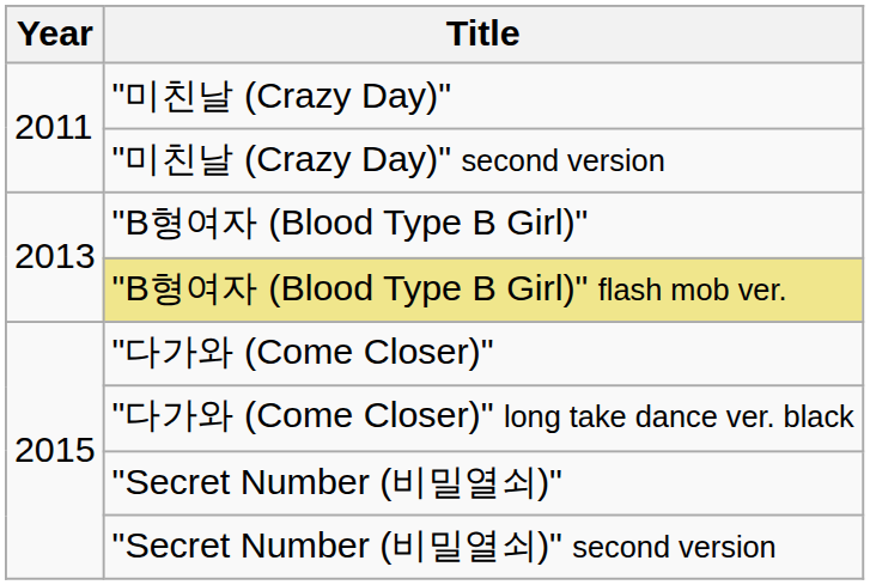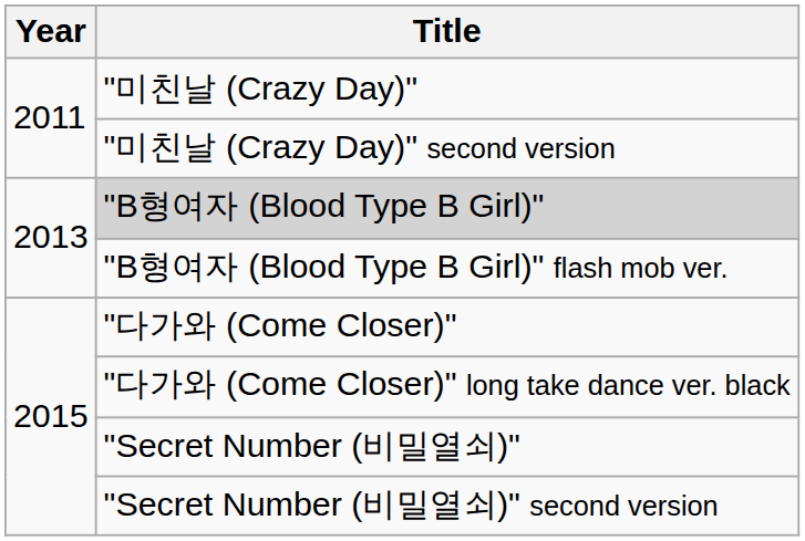 <table class="wikitable">
 <tr>
 <th>Year</th>
 <th>Title</th>
 </tr>
 <tr>
 <td rowspan="2">2011</td>
 <td>"미친날 (Crazy Day)"</td>
 </tr>
 <tr>
 <td>"미친날 (Crazy Day)" <small>second version</small></td>
 </tr>
 <tr>
 <td rowspan="2">2013</td>
-<td>"B형여자 (Blood Type B Girl)"</td>
+<td style="background: lightgrey;">"B형여자 (Blood Type B Girl)"</td>
 </tr>
 <tr>
-<td style="background: khaki;">"B형여자 (Blood Type B Girl)" <small>flash mob ver.</small></td>
+<td>"B형여자 (Blood Type B Girl)" <small>flash mob ver.</small></td>
 </tr>
 <tr>
 <td rowspan="4">2015</td>
 <td>"다가와 (Come Closer)"</td>
 </tr>
 <tr>
 <td>"다가와 (Come Closer)" <small>long take dance ver. black</small></td>
 </tr>
 <tr>
 <td>"Secret Number (비밀열쇠)"</td>
 </tr>
 <tr>
 <td>"Secret Number (비밀열쇠)" <small>second version</small></td>
 </tr>
 </table>
